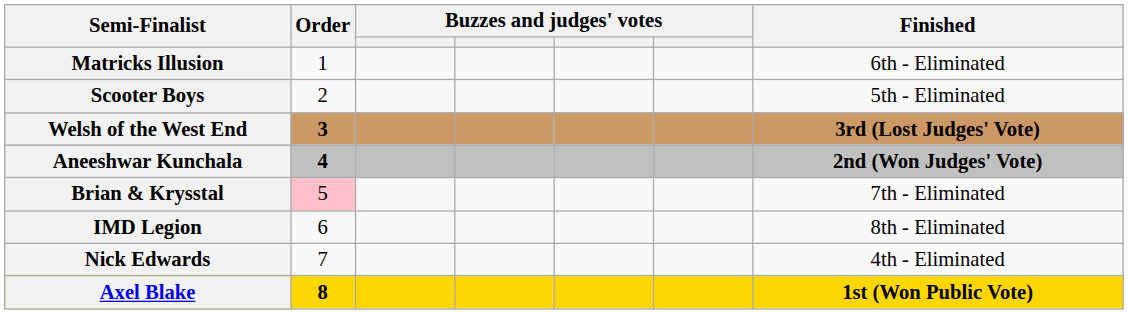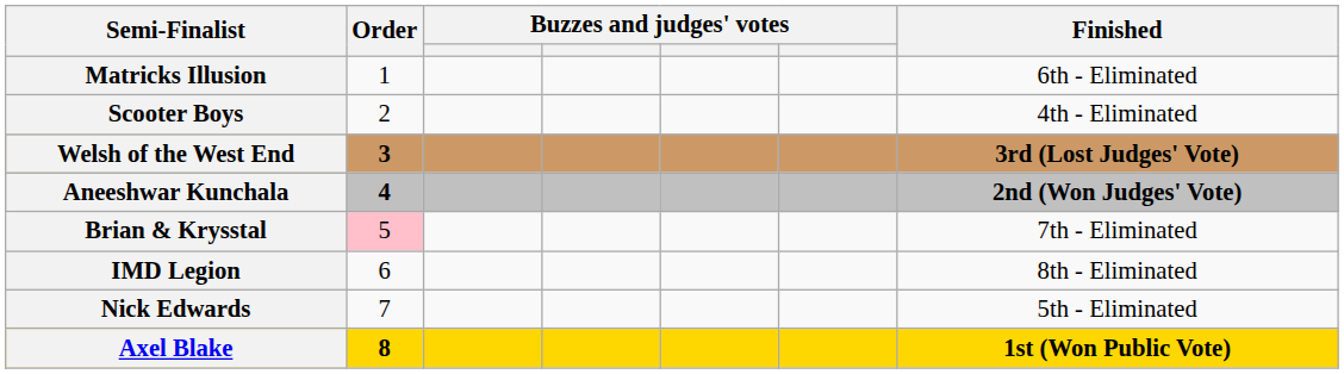 <table class="wikitable plainrowheaders sortable" style="text-align:center;">
 <tr>
 <th rowspan="2" class="unsortable" scope="col" style="width:17em;">Semi-Finalist</th>
 <th rowspan="2" scope="col" style="width:1em;">Order</th>
 <th colspan="4" class="unsortable" scope="col" style="width:24em;">Buzzes and judges' votes</th>
 <th rowspan="2" scope="col" style="width:23em;">Finished</th>
 </tr>
 <tr>
 <th class="unsortable" scope="col" style="width:6em;"></th>
 <th class="unsortable" scope="col" style="width:6em;"></th>
 <th class="unsortable" scope="col" style="width:6em;"></th>
 <th class="unsortable" scope="col" style="width:6em;"></th>
 </tr>
 <tr>
 <th scope="row">Matricks Illusion</th>
 <td>1</td>
 <td style="text-align:center;"></td>
 <td style="text-align:center;"></td>
 <td style="text-align:center;"></td>
 <td style="text-align:center;"></td>
 <td>6th - Eliminated</td>
 </tr>
 <tr>
 <th scope="row">Scooter Boys</th>
 <td>2</td>
 <td style="text-align:center;"></td>
 <td style="text-align:center;"></td>
 <td style="text-align:center;"></td>
 <td style="text-align:center;"></td>
-<td>5th - Eliminated</td>
+<td>4th - Eliminated</td>
 </tr>
 <tr bgcolor=#c96>
 <th scope="row"><strong>Welsh of the West End</strong></th>
 <td><strong>3</strong></td>
 <td style="text-align:center;"></td>
 <td style="text-align:center;"></td>
 <td style="text-align:center;"></td>
 <td style="text-align:center;"></td>
 <td><strong>3rd (Lost Judges' Vote)</strong></td>
 </tr>
 <tr bgcolor=silver>
 <th scope="row"><strong>Aneeshwar Kunchala</strong></th>
 <td><strong>4</strong></td>
 <td style="text-align:center;"></td>
 <td style="text-align:center;"></td>
 <td style="text-align:center;"></td>
 <td style="text-align:center;"></td>
 <td><strong>2nd (Won Judges' Vote)</strong></td>
 </tr>
 <tr>
 <th scope="row">Brian & Krysstal</th>
 <td style="background: pink;">5</td>
 <td style="text-align:center;"></td>
 <td style="text-align:center;"></td>
 <td style="text-align:center;"></td>
 <td style="text-align:center;"></td>
 <td>7th - Eliminated</td>
 </tr>
 <tr>
 <th scope="row">IMD Legion</th>
 <td>6</td>
 <td style="text-align:center;"></td>
 <td style="text-align:center;"></td>
 <td style="text-align:center;"></td>
 <td style="text-align:center;"></td>
 <td>8th - Eliminated</td>
 </tr>
 <tr>
 <th scope="row">Nick Edwards</th>
 <td>7</td>
 <td style="text-align:center;"></td>
 <td style="text-align:center;"></td>
 <td style="text-align:center;"></td>
 <td style="text-align:center;"></td>
-<td>4th - Eliminated</td>
+<td>5th - Eliminated</td>
 </tr>
 <tr bgcolor=gold>
 <th scope="row"><strong><a href='#'>Axel Blake</a></strong></th>
 <td><strong>8</strong></td>
 <td style="text-align:center;"></td>
 <td style="text-align:center;"></td>
 <td style="text-align:center;"></td>
 <td style="text-align:center;"></td>
 <td><strong>1st (Won Public Vote)</strong></td>
 </tr>
 </table>
